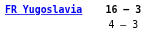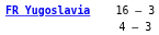 <table style="text-align:center">
 <tr>
 <th width=200></th>
 <th width=100></th>
 <th width=200></th>
 </tr>
 <tr>
 <td align=right><strong><a href='#'>FR Yugoslavia</a> </strong></td>
-<td><strong>16 – 3</strong></td>
+<td>16 – 3</td>
 <td align=left></td>
 </tr>
 <tr>
 <td align=right><strong></strong></td>
 <td>4 – 3</td>
 <td align=left></td>
 </tr>
 </table>
